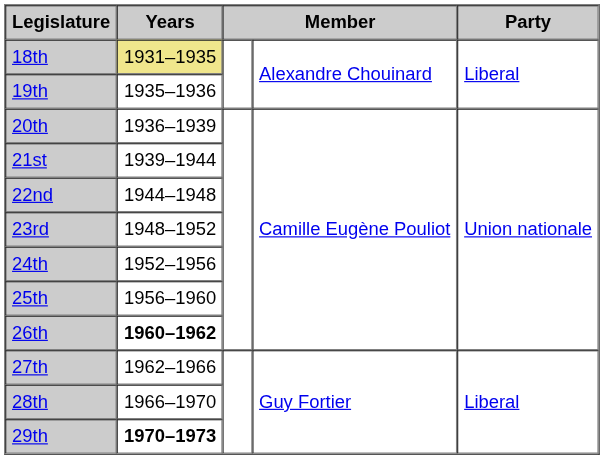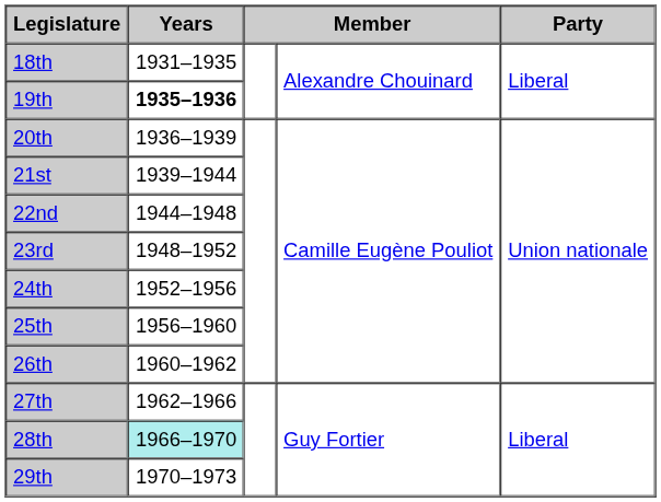 <table border=1 cellpadding=5 cellspacing=0>
 <tr bgcolor="CCCCCC">
 <th>Legislature</th>
 <th>Years</th>
 <th colspan="2">Member</th>
 <th>Party</th>
 </tr>
 <tr>
 <td bgcolor="CCCCCC"><a href='#'>18th</a></td>
-<td style="background: khaki;">1931–1935</td>
+<td>1931–1935</td>
 <td rowspan="2" >   </td>
 <td rowspan="2"><a href='#'>Alexandre Chouinard</a></td>
 <td rowspan="2"><a href='#'>Liberal</a></td>
 </tr>
 <tr>
 <td bgcolor="CCCCCC"><a href='#'>19th</a></td>
-<td>1935–1936</td>
+<td><strong>1935–1936</strong></td>
 </tr>
 <tr>
 <td bgcolor="CCCCCC"><a href='#'>20th</a></td>
 <td>1936–1939</td>
 <td rowspan="7" >   </td>
 <td rowspan="7"><a href='#'>Camille Eugène Pouliot</a></td>
 <td rowspan="7"><a href='#'>Union nationale</a></td>
 </tr>
 <tr>
 <td bgcolor="CCCCCC"><a href='#'>21st</a></td>
 <td>1939–1944</td>
 </tr>
 <tr>
 <td bgcolor="CCCCCC"><a href='#'>22nd</a></td>
 <td>1944–1948</td>
 </tr>
 <tr>
 <td bgcolor="CCCCCC"><a href='#'>23rd</a></td>
 <td>1948–1952</td>
 </tr>
 <tr>
 <td bgcolor="CCCCCC"><a href='#'>24th</a></td>
 <td>1952–1956</td>
 </tr>
 <tr>
 <td bgcolor="CCCCCC"><a href='#'>25th</a></td>
 <td>1956–1960</td>
 </tr>
 <tr>
 <td bgcolor="CCCCCC"><a href='#'>26th</a></td>
-<td><strong>1960–1962</strong></td>
+<td>1960–1962</td>
 </tr>
 <tr>
 <td bgcolor="CCCCCC"><a href='#'>27th</a></td>
 <td>1962–1966</td>
 <td rowspan="3" >   </td>
 <td rowspan="3"><a href='#'>Guy Fortier</a></td>
 <td rowspan="3"><a href='#'>Liberal</a></td>
 </tr>
 <tr>
 <td bgcolor="CCCCCC"><a href='#'>28th</a></td>
-<td>1966–1970</td>
+<td style="background: paleturquoise;">1966–1970</td>
 </tr>
 <tr>
 <td bgcolor="CCCCCC"><a href='#'>29th</a></td>
-<td><strong>1970–1973</strong></td>
+<td>1970–1973</td>
 </tr>
 <tr>
 </tr>
 </table>
